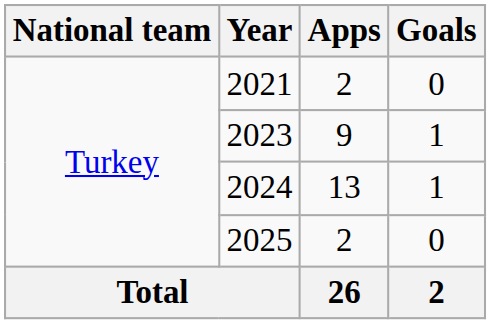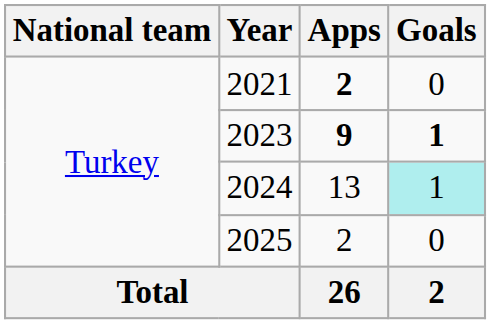 <table class="wikitable" style="text-align:center">
 <tr>
 <th>National team</th>
 <th>Year</th>
 <th>Apps</th>
 <th>Goals</th>
 </tr>
 <tr>
 <td rowspan="4"><a href='#'>Turkey</a></td>
 <td>2021</td>
-<td>2</td>
+<td><strong>2</strong></td>
 <td>0</td>
 </tr>
 <tr>
 <td>2023</td>
-<td>9</td>
-<td>1</td>
+<td><strong>9</strong></td>
+<td><strong>1</strong></td>
 </tr>
 <tr>
 <td>2024</td>
 <td>13</td>
-<td>1</td>
+<td style="background: paleturquoise;">1</td>
 </tr>
 <tr>
 <td>2025</td>
 <td>2</td>
 <td>0</td>
 </tr>
 <tr>
 <th colspan="2">Total</th>
 <th>26</th>
 <th>2</th>
 </tr>
 </table>
